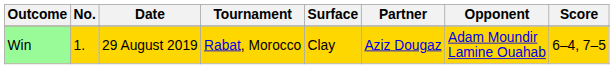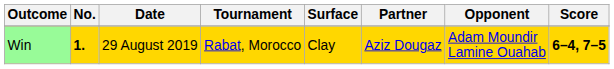 <table class=wikitable style=font-size:100%>
 <tr>
 <th>Outcome</th>
 <th>No.</th>
 <th>Date</th>
 <th>Tournament</th>
 <th>Surface</th>
 <th>Partner</th>
 <th>Opponent</th>
 <th>Score</th>
 </tr>
 <tr>
 </tr>
 <tr bgcolor=gold>
 <td bgcolor=98FB98>Win</td>
-<td>1.</td>
+<td><strong>1.</strong></td>
 <td>29 August 2019</td>
 <td><a href='#'>Rabat</a>, Morocco</td>
 <td>Clay</td>
 <td> <a href='#'>Aziz Dougaz</a></td>
 <td> <a href='#'>Adam Moundir</a><br> <a href='#'>Lamine Ouahab</a></td>
-<td>6–4, 7–5</td>
+<td><strong>6–4, 7–5</strong></td>
 </tr>
 </table>
